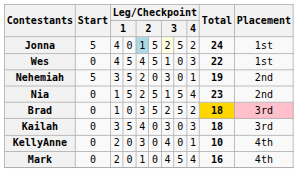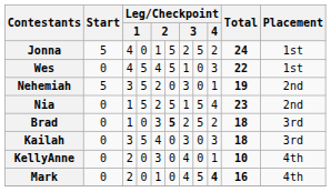 <table class="wikitable sortable" style="text-align:center">
 <tr>
 <th rowspan="2">Contestants</th>
 <th rowspan="2">Start</th>
 <th colspan="7">Leg/Checkpoint</th>
 <th rowspan="2">Total</th>
 <th rowspan="2">Placement</th>
 </tr>
 <tr>
 <th colspan="2">1</th>
 <th colspan="2">2</th>
 <th colspan="2">3</th>
 <th>4</th>
 </tr>
 <tr>
 <th>Jonna</th>
 <td>5</td>
 <td>4</td>
 <td>0</td>
-<td style="background: lightblue;">1</td>
+<td>1</td>
 <td>5</td>
-<td style="background: lightyellow;">2</td>
+<td>2</td>
 <td>5</td>
 <td>2</td>
 <td><strong>24</strong></td>
 <td>1st</td>
 </tr>
 <tr>
 <th>Wes</th>
 <td>0</td>
 <td>4</td>
 <td>5</td>
 <td>4</td>
 <td>5</td>
 <td>1</td>
 <td>0</td>
 <td>3</td>
 <td><strong>22</strong></td>
 <td>1st</td>
 </tr>
 <tr>
 <th>Nehemiah</th>
 <td>5</td>
 <td>3</td>
 <td>5</td>
 <td>2</td>
 <td>0</td>
 <td>3</td>
 <td>0</td>
 <td>1</td>
 <td><strong>19</strong></td>
 <td>2nd</td>
 </tr>
 <tr>
 <th>Nia</th>
 <td>0</td>
 <td>1</td>
 <td>5</td>
 <td>2</td>
 <td>5</td>
 <td>1</td>
 <td>5</td>
 <td>4</td>
 <td><strong>23</strong></td>
 <td>2nd</td>
 </tr>
 <tr>
 <th>Brad</th>
 <td>0</td>
 <td>1</td>
 <td>0</td>
 <td>3</td>
-<td>5</td>
+<td><strong>5</strong></td>
 <td>2</td>
 <td>5</td>
 <td>2</td>
-<td style="background: gold;"><strong>18</strong></td>
-<td style="background: pink;">3rd</td>
+<td><strong>18</strong></td>
+<td>3rd</td>
 </tr>
 <tr>
 <th>Kailah</th>
 <td>0</td>
 <td>3</td>
 <td>5</td>
 <td>4</td>
 <td>0</td>
 <td>3</td>
 <td>0</td>
 <td>3</td>
 <td><strong>18</strong></td>
 <td>3rd</td>
 </tr>
 <tr>
 <th>KellyAnne</th>
 <td>0</td>
 <td>2</td>
 <td>0</td>
 <td>3</td>
 <td>0</td>
 <td>4</td>
 <td>0</td>
 <td>1</td>
 <td><strong>10</strong></td>
 <td>4th</td>
 </tr>
 <tr>
 <th>Mark</th>
 <td>0</td>
 <td>2</td>
 <td>0</td>
 <td>1</td>
 <td>0</td>
 <td>4</td>
 <td>5</td>
-<td>4</td>
+<td><strong>4</strong></td>
 <td><strong>16</strong></td>
 <td>4th</td>
 </tr>
 <tr>
 </tr>
 </table>
